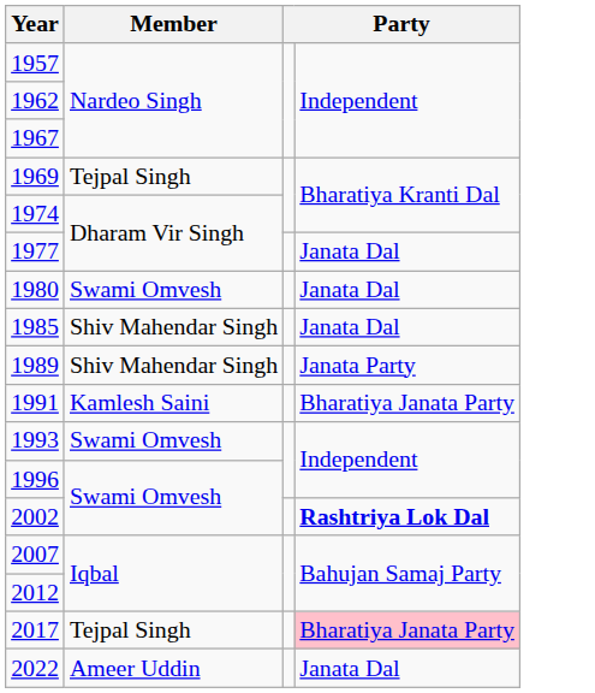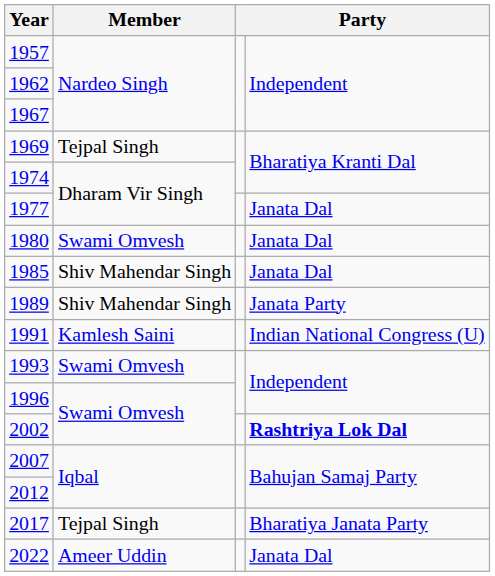 <table class="wikitable">
 <tr>
 <th>Year</th>
 <th>Member</th>
 <th colspan="2">Party</th>
 </tr>
 <tr>
 <td><a href='#'>1957</a></td>
 <td rowspan="3"><a href='#'>Nardeo Singh</a></td>
 <td rowspan="3" style="background-color: "></td>
 <td rowspan="3"><a href='#'>Independent</a></td>
 </tr>
 <tr>
 <td><a href='#'>1962</a></td>
 </tr>
 <tr>
 <td><a href='#'>1967</a></td>
 </tr>
 <tr>
 <td><a href='#'>1969</a></td>
 <td>Tejpal Singh</td>
 <td rowspan="2" style="background-color: "></td>
 <td rowspan="2"><a href='#'>Bharatiya Kranti Dal</a></td>
 </tr>
 <tr>
 <td><a href='#'>1974</a></td>
 <td rowspan="2">Dharam Vir Singh</td>
 </tr>
 <tr>
 <td><a href='#'>1977</a></td>
 <td style="background-color: "></td>
 <td><a href='#'>Janata Dal</a></td>
 </tr>
 <tr>
 <td><a href='#'>1980</a></td>
 <td><a href='#'>Swami Omvesh</a></td>
 <td style="background-color: "></td>
 <td><a href='#'>Janata Dal</a></td>
 </tr>
 <tr>
 <td><a href='#'>1985</a></td>
 <td>Shiv Mahendar Singh</td>
 <td style="background-color: "></td>
 <td><a href='#'>Janata Dal</a></td>
 </tr>
 <tr>
 <td><a href='#'>1989</a></td>
 <td>Shiv Mahendar Singh</td>
 <td style="background-color: "></td>
 <td><a href='#'>Janata Party</a></td>
 </tr>
 <tr>
 <td><a href='#'>1991</a></td>
 <td><a href='#'>Kamlesh Saini</a></td>
 <td style="background-color: "></td>
-<td><a href='#'>Bharatiya Janata Party</a></td>
+<td><a href='#'>Indian National Congress (U)</a></td>
 </tr>
 <tr>
 <td><a href='#'>1993</a></td>
 <td><a href='#'>Swami Omvesh</a></td>
 <td rowspan="2" style="background-color: "></td>
 <td rowspan="2"><a href='#'>Independent</a></td>
 </tr>
 <tr>
 <td><a href='#'>1996</a></td>
 <td rowspan="2"><a href='#'>Swami Omvesh</a></td>
 </tr>
 <tr>
 <td><a href='#'>2002</a></td>
 <td style="background-color: "></td>
 <td><strong><a href='#'>Rashtriya Lok Dal</a></strong></td>
 </tr>
 <tr>
 <td><a href='#'>2007</a></td>
 <td rowspan="2"><a href='#'>Iqbal</a></td>
 <td rowspan="2" style="background-color: "></td>
 <td rowspan="2"><a href='#'>Bahujan Samaj Party</a></td>
 </tr>
 <tr>
 <td><a href='#'>2012</a></td>
 </tr>
 <tr>
 <td><a href='#'>2017</a></td>
 <td>Tejpal Singh</td>
 <td style="background-color: "></td>
-<td style="background: pink;"><a href='#'>Bharatiya Janata Party</a></td>
+<td><a href='#'>Bharatiya Janata Party</a></td>
 </tr>
 <tr>
 <td><a href='#'>2022</a></td>
 <td><a href='#'>Ameer Uddin</a></td>
 <td style="background-color: "></td>
 <td><a href='#'>Janata Dal</a></td>
 </tr>
 </table>
